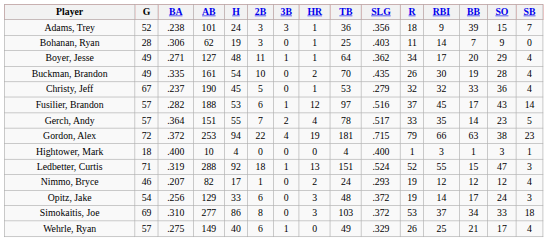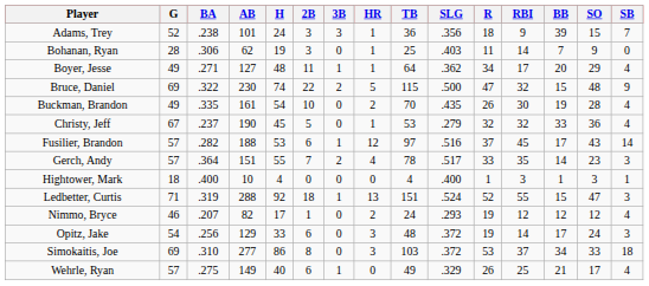 <table class="wikitable sortable" width="100%">
 <tr align="center" style="background:red;color:">
 <th>Player</th>
 <th>G</th>
 <th><a href='#'>BA</a></th>
 <th><a href='#'>AB</a></th>
 <th><a href='#'>H</a></th>
 <th><a href='#'>2B</a></th>
 <th><a href='#'>3B</a></th>
 <th><a href='#'>HR</a></th>
 <th><a href='#'>TB</a></th>
 <th><a href='#'>SLG</a></th>
 <th><a href='#'>R</a></th>
 <th><a href='#'>RBI</a></th>
 <th><a href='#'>BB</a></th>
 <th><a href='#'>SO</a></th>
 <th><a href='#'>SB</a></th>
 </tr>
 <tr align="center" bgcolor="">
 <td>Adams, Trey</td>
 <td>52</td>
 <td>.238</td>
 <td>101</td>
 <td>24</td>
 <td>3</td>
 <td>3</td>
 <td>1</td>
 <td>36</td>
 <td>.356</td>
 <td>18</td>
 <td>9</td>
 <td>39</td>
 <td>15</td>
 <td>7</td>
 </tr>
 <tr align="center" bgcolor="">
 <td>Bohanan, Ryan</td>
 <td>28</td>
 <td>.306</td>
 <td>62</td>
 <td>19</td>
 <td>3</td>
 <td>0</td>
 <td>1</td>
 <td>25</td>
 <td>.403</td>
 <td>11</td>
 <td>14</td>
 <td>7</td>
 <td>9</td>
 <td>0</td>
 </tr>
 <tr align="center" bgcolor="">
 <td>Boyer, Jesse</td>
 <td>49</td>
 <td>.271</td>
 <td>127</td>
 <td>48</td>
 <td>11</td>
 <td>1</td>
 <td>1</td>
 <td>64</td>
 <td>.362</td>
 <td>34</td>
 <td>17</td>
 <td>20</td>
 <td>29</td>
 <td>4</td>
 </tr>
 <tr align="center" bgcolor="">
+<td>Bruce, Daniel</td>
+<td>69</td>
+<td>.322</td>
+<td>230</td>
+<td>74</td>
+<td>22</td>
+<td>2</td>
+<td>5</td>
+<td>115</td>
+<td>.500</td>
+<td>47</td>
+<td>32</td>
+<td>15</td>
+<td>48</td>
+<td>9</td>
+</tr>
+<tr align="center" bgcolor="">
 <td>Buckman, Brandon</td>
 <td>49</td>
 <td>.335</td>
 <td>161</td>
 <td>54</td>
 <td>10</td>
 <td>0</td>
 <td>2</td>
 <td>70</td>
 <td>.435</td>
 <td>26</td>
 <td>30</td>
 <td>19</td>
 <td>28</td>
 <td>4</td>
 </tr>
 <tr align="center" bgcolor="">
 <td>Christy, Jeff</td>
 <td>67</td>
 <td>.237</td>
 <td>190</td>
 <td>45</td>
 <td>5</td>
 <td>0</td>
 <td>1</td>
 <td>53</td>
 <td>.279</td>
 <td>32</td>
 <td>32</td>
 <td>33</td>
 <td>36</td>
 <td>4</td>
 </tr>
 <tr align="center" bgcolor="">
 <td>Fusilier, Brandon</td>
 <td>57</td>
 <td>.282</td>
 <td>188</td>
 <td>53</td>
 <td>6</td>
 <td>1</td>
 <td>12</td>
 <td>97</td>
 <td>.516</td>
 <td>37</td>
 <td>45</td>
 <td>17</td>
 <td>43</td>
 <td>14</td>
 </tr>
 <tr align="center" bgcolor="">
 <td>Gerch, Andy</td>
 <td>57</td>
 <td>.364</td>
 <td>151</td>
 <td>55</td>
 <td>7</td>
 <td>2</td>
 <td>4</td>
 <td>78</td>
 <td>.517</td>
 <td>33</td>
 <td>35</td>
 <td>14</td>
 <td>23</td>
-<td>5</td>
-</tr>
-<tr align="center" bgcolor="">
-<td>Gordon, Alex</td>
-<td>72</td>
-<td>.372</td>
-<td>253</td>
-<td>94</td>
-<td>22</td>
-<td>4</td>
-<td>19</td>
-<td>181</td>
-<td>.715</td>
-<td>79</td>
-<td>66</td>
-<td>63</td>
-<td>38</td>
-<td>23</td>
+<td>3</td>
 </tr>
 <tr align="center" bgcolor="">
 <td>Hightower, Mark</td>
 <td>18</td>
 <td>.400</td>
 <td>10</td>
 <td>4</td>
 <td>0</td>
 <td>0</td>
 <td>0</td>
 <td>4</td>
 <td>.400</td>
 <td>1</td>
 <td>3</td>
 <td>1</td>
 <td>3</td>
 <td>1</td>
 </tr>
 <tr align="center" bgcolor="">
 <td>Ledbetter, Curtis</td>
 <td>71</td>
 <td>.319</td>
 <td>288</td>
 <td>92</td>
 <td>18</td>
 <td>1</td>
 <td>13</td>
 <td>151</td>
 <td>.524</td>
 <td>52</td>
 <td>55</td>
 <td>15</td>
 <td>47</td>
 <td>3</td>
 </tr>
 <tr align="center" bgcolor="">
 <td>Nimmo, Bryce</td>
 <td>46</td>
 <td>.207</td>
 <td>82</td>
 <td>17</td>
 <td>1</td>
 <td>0</td>
 <td>2</td>
 <td>24</td>
 <td>.293</td>
 <td>19</td>
 <td>12</td>
 <td>12</td>
 <td>12</td>
 <td>4</td>
 </tr>
 <tr align="center" bgcolor="">
 <td>Opitz, Jake</td>
 <td>54</td>
 <td>.256</td>
 <td>129</td>
 <td>33</td>
 <td>6</td>
 <td>0</td>
 <td>3</td>
 <td>48</td>
 <td>.372</td>
 <td>19</td>
 <td>14</td>
 <td>17</td>
 <td>24</td>
 <td>3</td>
 </tr>
 <tr align="center" bgcolor="">
 <td>Simokaitis, Joe</td>
 <td>69</td>
 <td>.310</td>
 <td>277</td>
 <td>86</td>
 <td>8</td>
 <td>0</td>
 <td>3</td>
 <td>103</td>
 <td>.372</td>
 <td>53</td>
 <td>37</td>
 <td>34</td>
 <td>33</td>
 <td>18</td>
 </tr>
 <tr align="center" bgcolor="">
 <td>Wehrle, Ryan</td>
 <td>57</td>
 <td>.275</td>
 <td>149</td>
 <td>40</td>
 <td>6</td>
 <td>1</td>
 <td>0</td>
 <td>49</td>
 <td>.329</td>
 <td>26</td>
 <td>25</td>
 <td>21</td>
 <td>17</td>
 <td>4</td>
 </tr>
 </table>
